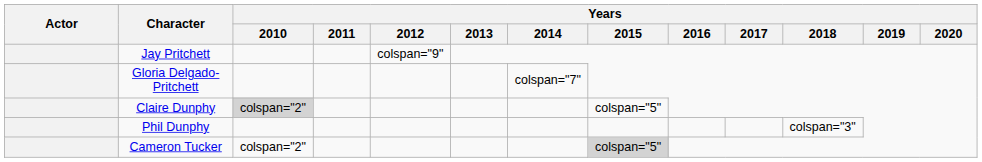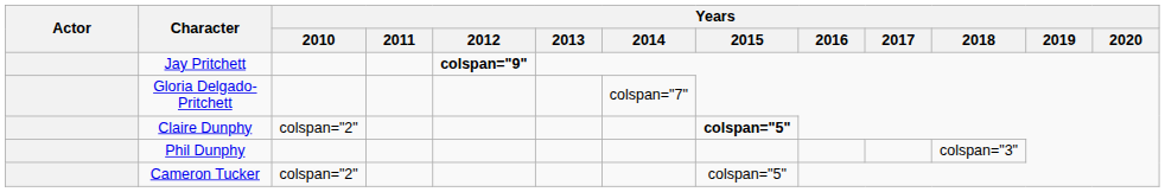 <table class="wikitable sortable plainrowheaders" style="text-align:center" summary="1 win from 17 nominations">
 <tr>
 <th scope="col" rowspan="2" style="width:10%;">Actor</th>
 <th scope="col" rowspan="2" style="width:10%;">Character</th>
 <th scope="col" colspan="11">Years</th>
 </tr>
 <tr>
 <th scope="col" style="width:5%;" class="unsortable">2010</th>
 <th scope="col" style="width:5%;">2011</th>
 <th scope="col" style="width:5%;">2012</th>
 <th scope="col" style="width:5%;">2013</th>
 <th scope="col" style="width:5%;">2014</th>
 <th scope="col" style="width:5%;">2015</th>
 <th scope="col" style="width:5%;">2016</th>
 <th scope="col" style="width:5%;">2017</th>
 <th scope="col" style="width:5%;" class="unsortable">2018</th>
 <th scope="col" style="width:5%;" class="unsortable">2019</th>
 <th scope="col" style="width:5%;" class="unsortable">2020</th>
 </tr>
 <tr>
 <th scope="row"></th>
 <td><a href='#'>Jay Pritchett</a></td>
 <td></td>
 <td></td>
-<td>colspan="9" </td>
+<td><strong>colspan="9" </strong></td>
 </tr>
 <tr>
 <th scope="row"></th>
 <td><a href='#'>Gloria Delgado-Pritchett</a></td>
 <td></td>
 <td></td>
 <td></td>
 <td></td>
 <td>colspan="7" </td>
 </tr>
 <tr>
 <th scope="row"></th>
 <td><a href='#'>Claire Dunphy</a></td>
-<td style="background: lightgrey;">colspan="2" </td>
+<td>colspan="2" </td>
 <td></td>
 <td></td>
 <td></td>
 <td></td>
-<td>colspan="5" </td>
+<td><strong>colspan="5" </strong></td>
 </tr>
 <tr>
 <th scope="row"></th>
 <td><a href='#'>Phil Dunphy</a></td>
 <td></td>
 <td></td>
 <td></td>
 <td></td>
 <td></td>
 <td></td>
 <td></td>
 <td></td>
 <td>colspan="3" </td>
 </tr>
 <tr>
 <th scope="row"></th>
 <td><a href='#'>Cameron Tucker</a></td>
 <td>colspan="2" </td>
 <td></td>
 <td></td>
 <td></td>
 <td></td>
-<td style="background: lightgrey;">colspan="5" </td>
+<td>colspan="5" </td>
 </tr>
 </table>
